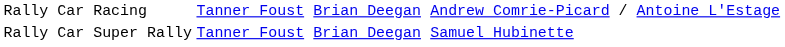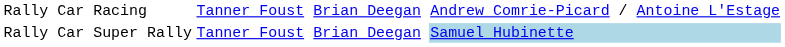 <table>
 <tr>
 <td>Rally Car Racing</td>
 <td><a href='#'>Tanner Foust</a></td>
 <td></td>
 <td><a href='#'>Brian Deegan</a></td>
 <td></td>
 <td><a href='#'>Andrew Comrie-Picard</a> / <a href='#'>Antoine L'Estage</a></td>
 <td></td>
 </tr>
 <tr>
 <td>Rally Car Super Rally</td>
 <td><a href='#'>Tanner Foust</a></td>
 <td></td>
 <td><a href='#'>Brian Deegan</a></td>
 <td></td>
-<td><a href='#'>Samuel Hubinette</a></td>
+<td style="background: lightblue;"><a href='#'>Samuel Hubinette</a></td>
 <td></td>
 </tr>
 </table>
